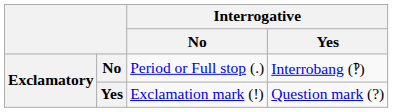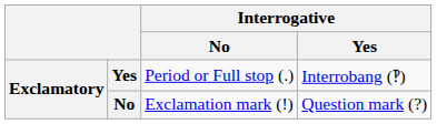 <table class="wikitable">
 <tr>
 <th colspan="2" rowspan="2"></th>
 <th colspan="2">Interrogative</th>
 </tr>
 <tr>
 <th>No</th>
 <th>Yes</th>
 </tr>
 <tr>
 <th rowspan="2">Exclamatory</th>
-<th>No</th>
+<th>Yes</th>
 <td><a href='#'>Period or Full stop</a> (.)</td>
 <td><a href='#'>Interrobang</a> (‽)</td>
 </tr>
 <tr>
-<th>Yes</th>
+<th>No</th>
 <td><a href='#'>Exclamation mark</a>  (!)</td>
 <td><a href='#'>Question mark</a> (?)</td>
 </tr>
 </table>
